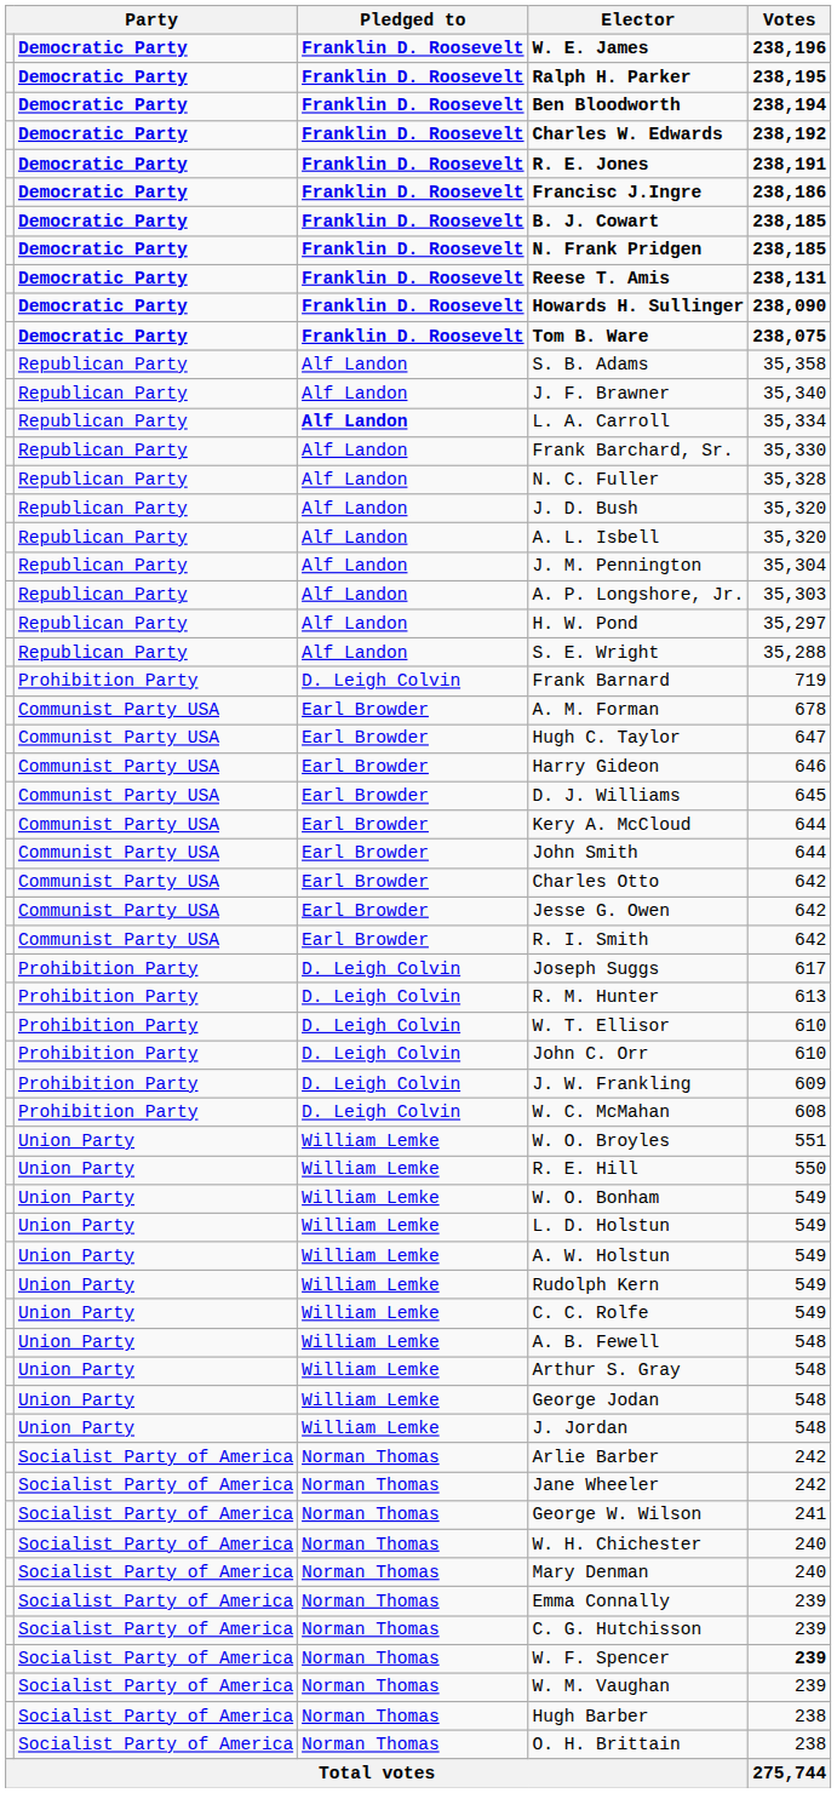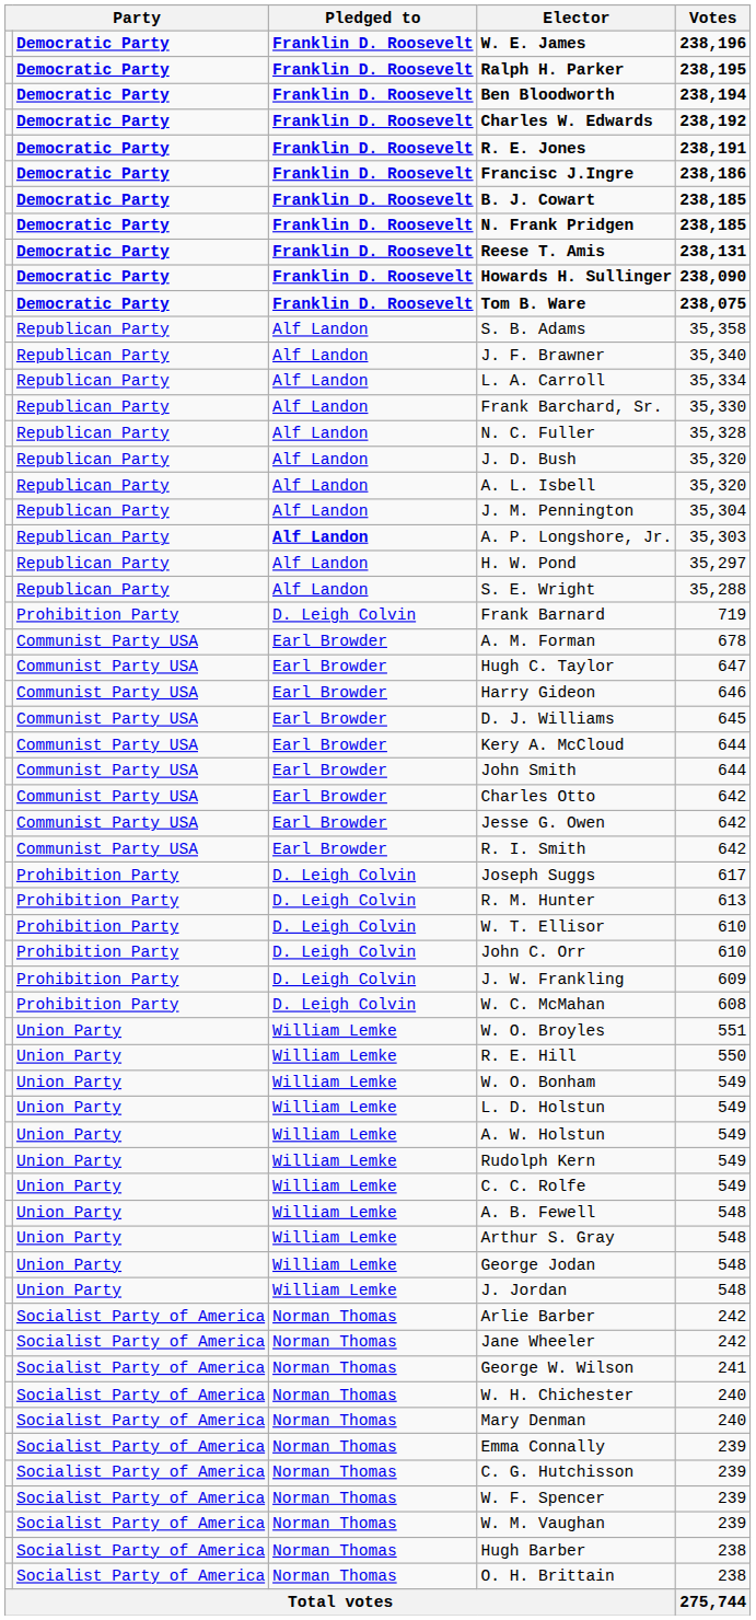 <table class="wikitable">
 <tr>
 <th colspan=2>Party</th>
 <th>Pledged to</th>
 <th>Elector</th>
 <th>Votes</th>
 </tr>
 <tr style="font-weight:bold">
 <td bgcolor=></td>
 <td><a href='#'>Democratic Party</a></td>
 <td><a href='#'>Franklin D. Roosevelt</a></td>
 <td>W. E. James</td>
 <td align=right>238,196</td>
 </tr>
 <tr style="font-weight:bold">
 <td bgcolor=></td>
 <td><a href='#'>Democratic Party</a></td>
 <td><a href='#'>Franklin D. Roosevelt</a></td>
 <td>Ralph H. Parker</td>
 <td align=right>238,195</td>
 </tr>
 <tr style="font-weight:bold">
 <td bgcolor=></td>
 <td><a href='#'>Democratic Party</a></td>
 <td><a href='#'>Franklin D. Roosevelt</a></td>
 <td>Ben Bloodworth</td>
 <td align=right>238,194</td>
 </tr>
 <tr style="font-weight:bold">
 <td bgcolor=></td>
 <td><a href='#'>Democratic Party</a></td>
 <td><a href='#'>Franklin D. Roosevelt</a></td>
 <td>Charles W. Edwards</td>
 <td align=right>238,192</td>
 </tr>
 <tr style="font-weight:bold">
 <td bgcolor=></td>
 <td><a href='#'>Democratic Party</a></td>
 <td><a href='#'>Franklin D. Roosevelt</a></td>
 <td>R. E. Jones</td>
 <td align=right>238,191</td>
 </tr>
 <tr style="font-weight:bold">
 <td bgcolor=></td>
 <td><a href='#'>Democratic Party</a></td>
 <td><a href='#'>Franklin D. Roosevelt</a></td>
 <td>Francisc J.Ingre</td>
 <td align=right>238,186</td>
 </tr>
 <tr style="font-weight:bold">
 <td bgcolor=></td>
 <td><a href='#'>Democratic Party</a></td>
 <td><a href='#'>Franklin D. Roosevelt</a></td>
 <td>B. J. Cowart</td>
 <td align=right>238,185</td>
 </tr>
 <tr style="font-weight:bold">
 <td bgcolor=></td>
 <td><a href='#'>Democratic Party</a></td>
 <td><a href='#'>Franklin D. Roosevelt</a></td>
 <td>N. Frank Pridgen</td>
 <td align=right>238,185</td>
 </tr>
 <tr style="font-weight:bold">
 <td bgcolor=></td>
 <td><a href='#'>Democratic Party</a></td>
 <td><a href='#'>Franklin D. Roosevelt</a></td>
 <td>Reese T. Amis</td>
 <td align=right>238,131</td>
 </tr>
 <tr style="font-weight:bold">
 <td bgcolor=></td>
 <td><a href='#'>Democratic Party</a></td>
 <td><a href='#'>Franklin D. Roosevelt</a></td>
 <td>Howards H. Sullinger</td>
 <td align=right>238,090</td>
 </tr>
 <tr style="font-weight:bold">
 <td bgcolor=></td>
 <td><a href='#'>Democratic Party</a></td>
 <td><a href='#'>Franklin D. Roosevelt</a></td>
 <td>Tom B. Ware</td>
 <td align=right>238,075</td>
 </tr>
 <tr>
 <td bgcolor=></td>
 <td><a href='#'>Republican Party</a></td>
 <td><a href='#'>Alf Landon</a></td>
 <td>S. B. Adams</td>
 <td align=right>35,358</td>
 </tr>
 <tr>
 <td bgcolor=></td>
 <td><a href='#'>Republican Party</a></td>
 <td><a href='#'>Alf Landon</a></td>
 <td>J. F. Brawner</td>
 <td align=right>35,340</td>
 </tr>
 <tr>
 <td bgcolor=></td>
 <td><a href='#'>Republican Party</a></td>
-<td><strong><a href='#'>Alf Landon</a></strong></td>
+<td><a href='#'>Alf Landon</a></td>
 <td>L. A. Carroll</td>
 <td align=right>35,334</td>
 </tr>
 <tr>
 <td bgcolor=></td>
 <td><a href='#'>Republican Party</a></td>
 <td><a href='#'>Alf Landon</a></td>
 <td>Frank Barchard, Sr.</td>
 <td align=right>35,330</td>
 </tr>
 <tr>
 <td bgcolor=></td>
 <td><a href='#'>Republican Party</a></td>
 <td><a href='#'>Alf Landon</a></td>
 <td>N. C. Fuller</td>
 <td align=right>35,328</td>
 </tr>
 <tr>
 <td bgcolor=></td>
 <td><a href='#'>Republican Party</a></td>
 <td><a href='#'>Alf Landon</a></td>
 <td>J. D. Bush</td>
 <td align=right>35,320</td>
 </tr>
 <tr>
 <td bgcolor=></td>
 <td><a href='#'>Republican Party</a></td>
 <td><a href='#'>Alf Landon</a></td>
 <td>A. L. Isbell</td>
 <td align=right>35,320</td>
 </tr>
 <tr>
 <td bgcolor=></td>
 <td><a href='#'>Republican Party</a></td>
 <td><a href='#'>Alf Landon</a></td>
 <td>J. M. Pennington</td>
 <td align=right>35,304</td>
 </tr>
 <tr>
 <td bgcolor=></td>
 <td><a href='#'>Republican Party</a></td>
-<td><a href='#'>Alf Landon</a></td>
+<td><strong><a href='#'>Alf Landon</a></strong></td>
 <td>A. P. Longshore, Jr.</td>
 <td align=right>35,303</td>
 </tr>
 <tr>
 <td bgcolor=></td>
 <td><a href='#'>Republican Party</a></td>
 <td><a href='#'>Alf Landon</a></td>
 <td>H. W. Pond</td>
 <td align=right>35,297</td>
 </tr>
 <tr>
 <td bgcolor=></td>
 <td><a href='#'>Republican Party</a></td>
 <td><a href='#'>Alf Landon</a></td>
 <td>S. E. Wright</td>
 <td align=right>35,288</td>
 </tr>
 <tr>
 <td bgcolor=></td>
 <td><a href='#'>Prohibition Party</a></td>
 <td><a href='#'>D. Leigh Colvin</a></td>
 <td>Frank Barnard</td>
 <td align=right>719</td>
 </tr>
 <tr>
 <td bgcolor=></td>
 <td><a href='#'>Communist Party USA</a></td>
 <td><a href='#'>Earl Browder</a></td>
 <td>A. M. Forman</td>
 <td align=right>678</td>
 </tr>
 <tr>
 <td bgcolor=></td>
 <td><a href='#'>Communist Party USA</a></td>
 <td><a href='#'>Earl Browder</a></td>
 <td>Hugh C. Taylor</td>
 <td align=right>647</td>
 </tr>
 <tr>
 <td bgcolor=></td>
 <td><a href='#'>Communist Party USA</a></td>
 <td><a href='#'>Earl Browder</a></td>
 <td>Harry Gideon</td>
 <td align=right>646</td>
 </tr>
 <tr>
 <td bgcolor=></td>
 <td><a href='#'>Communist Party USA</a></td>
 <td><a href='#'>Earl Browder</a></td>
 <td>D. J. Williams</td>
 <td align=right>645</td>
 </tr>
 <tr>
 <td bgcolor=></td>
 <td><a href='#'>Communist Party USA</a></td>
 <td><a href='#'>Earl Browder</a></td>
 <td>Kery A. McCloud</td>
 <td align=right>644</td>
 </tr>
 <tr>
 <td bgcolor=></td>
 <td><a href='#'>Communist Party USA</a></td>
 <td><a href='#'>Earl Browder</a></td>
 <td>John Smith</td>
 <td align=right>644</td>
 </tr>
 <tr>
 <td bgcolor=></td>
 <td><a href='#'>Communist Party USA</a></td>
 <td><a href='#'>Earl Browder</a></td>
 <td>Charles Otto</td>
 <td align=right>642</td>
 </tr>
 <tr>
 <td bgcolor=></td>
 <td><a href='#'>Communist Party USA</a></td>
 <td><a href='#'>Earl Browder</a></td>
 <td>Jesse G. Owen</td>
 <td align=right>642</td>
 </tr>
 <tr>
 <td bgcolor=></td>
 <td><a href='#'>Communist Party USA</a></td>
 <td><a href='#'>Earl Browder</a></td>
 <td>R. I. Smith</td>
 <td align=right>642</td>
 </tr>
 <tr>
 <td bgcolor=></td>
 <td><a href='#'>Prohibition Party</a></td>
 <td><a href='#'>D. Leigh Colvin</a></td>
 <td>Joseph Suggs</td>
 <td align=right>617</td>
 </tr>
 <tr>
 <td bgcolor=></td>
 <td><a href='#'>Prohibition Party</a></td>
 <td><a href='#'>D. Leigh Colvin</a></td>
 <td>R. M. Hunter</td>
 <td align=right>613</td>
 </tr>
 <tr>
 <td bgcolor=></td>
 <td><a href='#'>Prohibition Party</a></td>
 <td><a href='#'>D. Leigh Colvin</a></td>
 <td>W. T. Ellisor</td>
 <td align=right>610</td>
 </tr>
 <tr>
 <td bgcolor=></td>
 <td><a href='#'>Prohibition Party</a></td>
 <td><a href='#'>D. Leigh Colvin</a></td>
 <td>John C. Orr</td>
 <td align=right>610</td>
 </tr>
 <tr>
 <td bgcolor=></td>
 <td><a href='#'>Prohibition Party</a></td>
 <td><a href='#'>D. Leigh Colvin</a></td>
 <td>J. W. Frankling</td>
 <td align=right>609</td>
 </tr>
 <tr>
 <td bgcolor=></td>
 <td><a href='#'>Prohibition Party</a></td>
 <td><a href='#'>D. Leigh Colvin</a></td>
 <td>W. C. McMahan</td>
 <td align=right>608</td>
 </tr>
 <tr>
 <td bgcolor=></td>
 <td><a href='#'>Union Party</a></td>
 <td><a href='#'>William Lemke</a></td>
 <td>W. O. Broyles</td>
 <td align=right>551</td>
 </tr>
 <tr>
 <td bgcolor=></td>
 <td><a href='#'>Union Party</a></td>
 <td><a href='#'>William Lemke</a></td>
 <td>R. E. Hill</td>
 <td align=right>550</td>
 </tr>
 <tr>
 <td bgcolor=></td>
 <td><a href='#'>Union Party</a></td>
 <td><a href='#'>William Lemke</a></td>
 <td>W. O. Bonham</td>
 <td align=right>549</td>
 </tr>
 <tr>
 <td bgcolor=></td>
 <td><a href='#'>Union Party</a></td>
 <td><a href='#'>William Lemke</a></td>
 <td>L. D. Holstun</td>
 <td align=right>549</td>
 </tr>
 <tr>
 <td bgcolor=></td>
 <td><a href='#'>Union Party</a></td>
 <td><a href='#'>William Lemke</a></td>
 <td>A. W. Holstun</td>
 <td align=right>549</td>
 </tr>
 <tr>
 <td bgcolor=></td>
 <td><a href='#'>Union Party</a></td>
 <td><a href='#'>William Lemke</a></td>
 <td>Rudolph Kern</td>
 <td align=right>549</td>
 </tr>
 <tr>
 <td bgcolor=></td>
 <td><a href='#'>Union Party</a></td>
 <td><a href='#'>William Lemke</a></td>
 <td>C. C. Rolfe</td>
 <td align=right>549</td>
 </tr>
 <tr>
 <td bgcolor=></td>
 <td><a href='#'>Union Party</a></td>
 <td><a href='#'>William Lemke</a></td>
 <td>A. B. Fewell</td>
 <td align=right>548</td>
 </tr>
 <tr>
 <td bgcolor=></td>
 <td><a href='#'>Union Party</a></td>
 <td><a href='#'>William Lemke</a></td>
 <td>Arthur S. Gray</td>
 <td align=right>548</td>
 </tr>
 <tr>
 <td bgcolor=></td>
 <td><a href='#'>Union Party</a></td>
 <td><a href='#'>William Lemke</a></td>
 <td>George Jodan</td>
 <td align=right>548</td>
 </tr>
 <tr>
 <td bgcolor=></td>
 <td><a href='#'>Union Party</a></td>
 <td><a href='#'>William Lemke</a></td>
 <td>J. Jordan</td>
 <td align=right>548</td>
 </tr>
 <tr>
 <td bgcolor=></td>
 <td><a href='#'>Socialist Party of America</a></td>
 <td><a href='#'>Norman Thomas</a></td>
 <td>Arlie Barber</td>
 <td align=right>242</td>
 </tr>
 <tr>
 <td bgcolor=></td>
 <td><a href='#'>Socialist Party of America</a></td>
 <td><a href='#'>Norman Thomas</a></td>
 <td>Jane Wheeler</td>
 <td align=right>242</td>
 </tr>
 <tr>
 <td bgcolor=></td>
 <td><a href='#'>Socialist Party of America</a></td>
 <td><a href='#'>Norman Thomas</a></td>
 <td>George W. Wilson</td>
 <td align=right>241</td>
 </tr>
 <tr>
 <td bgcolor=></td>
 <td><a href='#'>Socialist Party of America</a></td>
 <td><a href='#'>Norman Thomas</a></td>
 <td>W. H. Chichester</td>
 <td align=right>240</td>
 </tr>
 <tr>
 <td bgcolor=></td>
 <td><a href='#'>Socialist Party of America</a></td>
 <td><a href='#'>Norman Thomas</a></td>
 <td>Mary Denman</td>
 <td align=right>240</td>
 </tr>
 <tr>
 <td bgcolor=></td>
 <td><a href='#'>Socialist Party of America</a></td>
 <td><a href='#'>Norman Thomas</a></td>
 <td>Emma Connally</td>
 <td align=right>239</td>
 </tr>
 <tr>
 <td bgcolor=></td>
 <td><a href='#'>Socialist Party of America</a></td>
 <td><a href='#'>Norman Thomas</a></td>
 <td>C. G. Hutchisson</td>
 <td align=right>239</td>
 </tr>
 <tr>
 <td bgcolor=></td>
 <td><a href='#'>Socialist Party of America</a></td>
 <td><a href='#'>Norman Thomas</a></td>
 <td>W. F. Spencer</td>
-<td align=right><strong>239</strong></td>
+<td align=right>239</td>
 </tr>
 <tr>
 <td bgcolor=></td>
 <td><a href='#'>Socialist Party of America</a></td>
 <td><a href='#'>Norman Thomas</a></td>
 <td>W. M. Vaughan</td>
 <td align=right>239</td>
 </tr>
 <tr>
 <td bgcolor=></td>
 <td><a href='#'>Socialist Party of America</a></td>
 <td><a href='#'>Norman Thomas</a></td>
 <td>Hugh Barber</td>
 <td align=right>238</td>
 </tr>
 <tr>
 <td bgcolor=></td>
 <td><a href='#'>Socialist Party of America</a></td>
 <td><a href='#'>Norman Thomas</a></td>
 <td>O. H. Brittain</td>
 <td align=right>238</td>
 </tr>
 <tr>
 <th colspan=4>Total votes</th>
 <th>275,744</th>
 </tr>
 </table>
